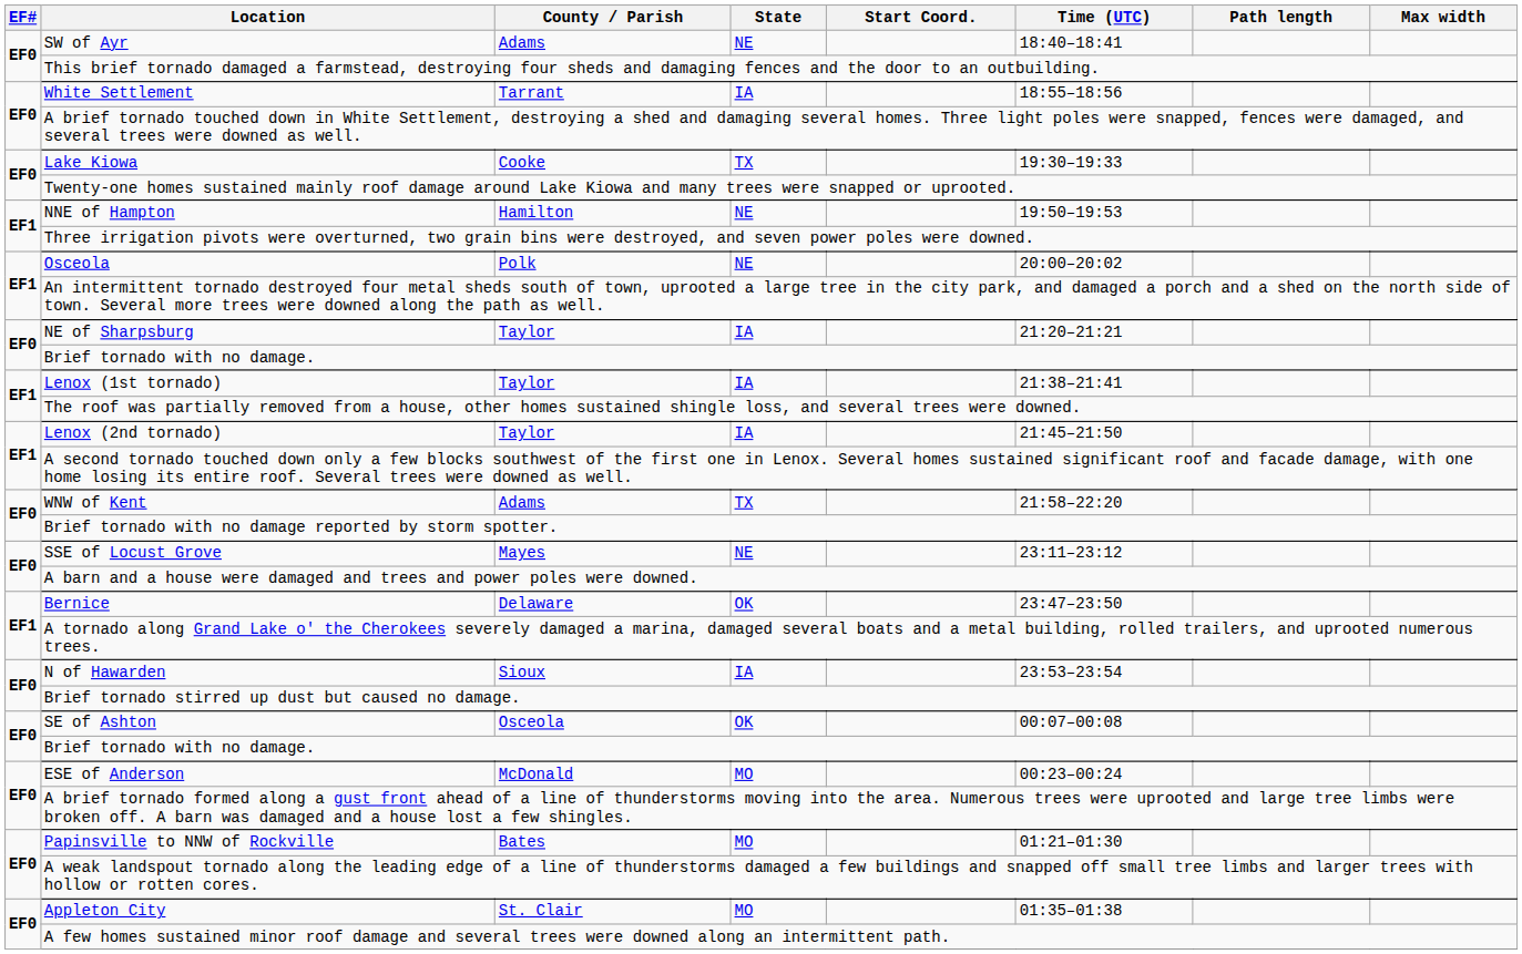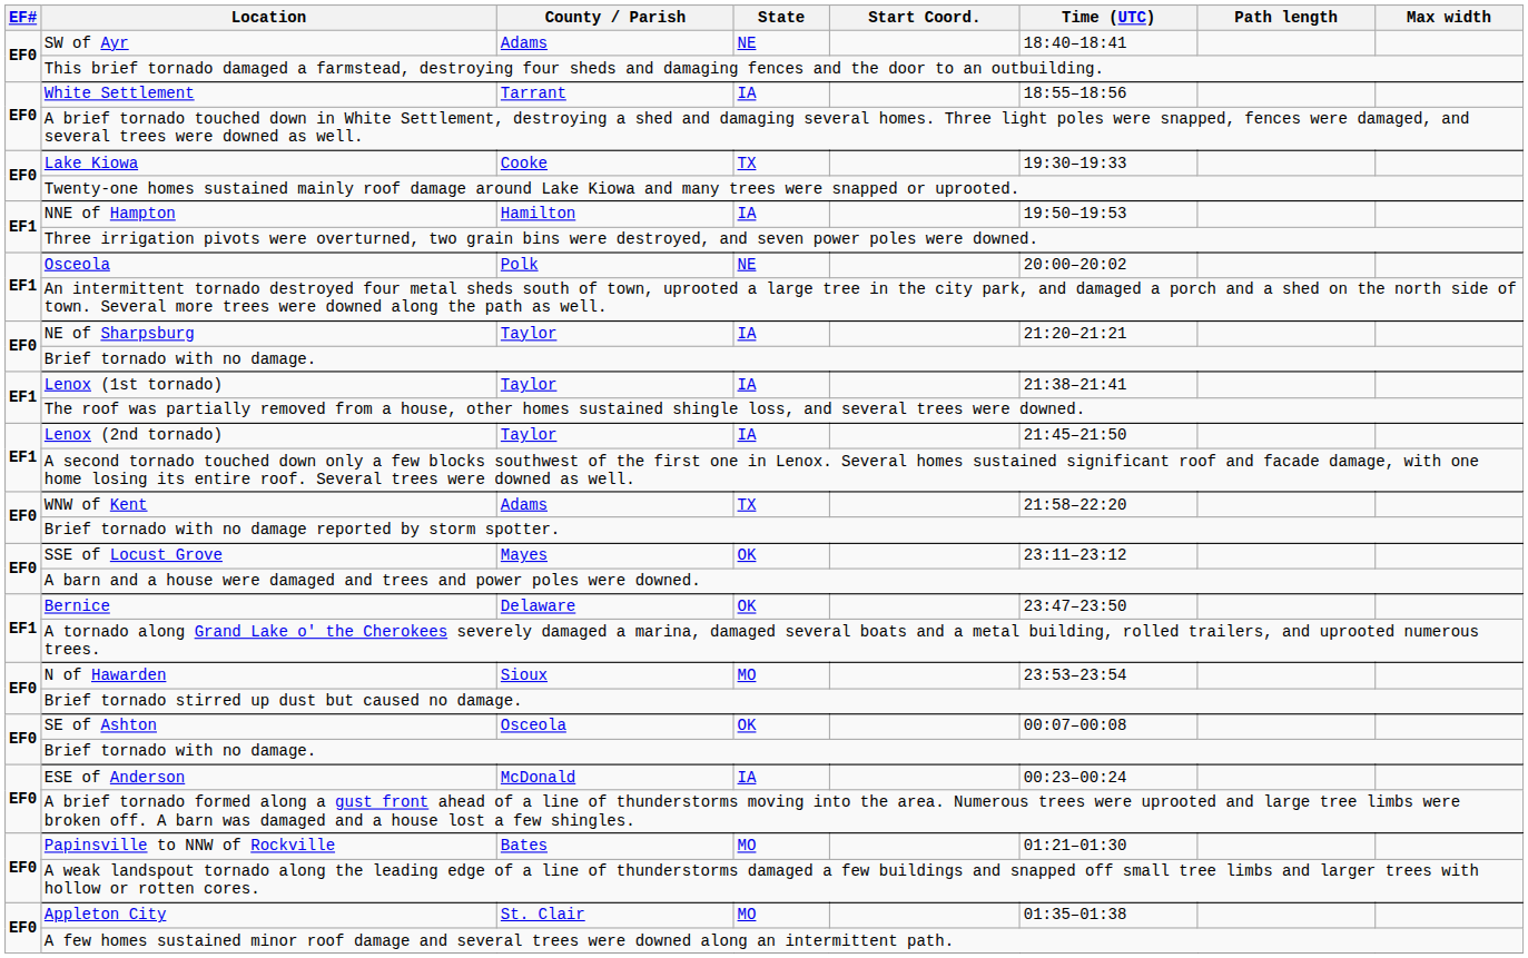 <table class="wikitable sortable" style="width:100%;">
 <tr>
 <th scope="col" width="2%" align="center"><a href='#'>EF#</a></th>
 <th scope="col" align="center" class="unsortable">Location</th>
 <th scope="col" align="center" class="unsortable">County / Parish</th>
 <th scope="col" align="center">State</th>
 <th scope="col" align="center" data-sort-type="number">Start Coord.</th>
 <th scope="col" align="center" data-sort-type="number">Time (<a href='#'>UTC</a>)</th>
 <th scope="col" align="center" data-sort-type="number">Path length</th>
 <th scope="col" align="center" data-sort-type="number">Max width</th>
 </tr>
 <tr>
 <td rowspan="2" align="center"><strong>EF0</strong></td>
 <td>SW of <a href='#'>Ayr</a></td>
 <td><a href='#'>Adams</a></td>
 <td><a href='#'>NE</a></td>
 <td></td>
 <td>18:40–18:41</td>
 <td></td>
 <td></td>
 </tr>
 <tr class="expand-child">
 <td colspan="8" style=" border-bottom: 1px solid black;">This brief tornado damaged a farmstead, destroying four sheds and damaging fences and the door to an outbuilding.</td>
 </tr>
 <tr>
 <td rowspan="2" align="center"><strong>EF0</strong></td>
 <td><a href='#'>White Settlement</a></td>
 <td><a href='#'>Tarrant</a></td>
 <td><a href='#'>IA</a></td>
 <td></td>
 <td>18:55–18:56</td>
 <td></td>
 <td></td>
 </tr>
 <tr class="expand-child">
 <td colspan="8" style=" border-bottom: 1px solid black;">A brief tornado touched down in White Settlement, destroying a shed and damaging several homes. Three light poles were snapped, fences were damaged, and several trees were downed as well.</td>
 </tr>
 <tr>
 <td rowspan="2" align="center"><strong>EF0</strong></td>
 <td><a href='#'>Lake Kiowa</a></td>
 <td><a href='#'>Cooke</a></td>
 <td><a href='#'>TX</a></td>
 <td></td>
 <td>19:30–19:33</td>
 <td></td>
 <td></td>
 </tr>
 <tr class="expand-child">
 <td colspan="8" style=" border-bottom: 1px solid black;">Twenty-one homes sustained mainly roof damage around Lake Kiowa and many trees were snapped or uprooted.</td>
 </tr>
 <tr>
 <td rowspan="2" align="center"><strong>EF1</strong></td>
 <td>NNE of <a href='#'>Hampton</a></td>
 <td><a href='#'>Hamilton</a></td>
-<td><a href='#'>NE</a></td>
+<td><a href='#'>IA</a></td>
 <td></td>
 <td>19:50–19:53</td>
 <td></td>
 <td></td>
 </tr>
 <tr class="expand-child">
 <td colspan="8" style=" border-bottom: 1px solid black;">Three irrigation pivots were overturned, two grain bins were destroyed, and seven power poles were downed.</td>
 </tr>
 <tr>
 <td rowspan="2" align="center"><strong>EF1</strong></td>
 <td><a href='#'>Osceola</a></td>
 <td><a href='#'>Polk</a></td>
 <td><a href='#'>NE</a></td>
 <td></td>
 <td>20:00–20:02</td>
 <td></td>
 <td></td>
 </tr>
 <tr class="expand-child">
 <td colspan="8" style=" border-bottom: 1px solid black;">An intermittent tornado destroyed four metal sheds south of town, uprooted a large tree in the city park, and damaged a porch and a shed on the north side of town. Several more trees were downed along the path as well.</td>
 </tr>
 <tr>
 <td rowspan="2" align="center"><strong>EF0</strong></td>
 <td>NE of <a href='#'>Sharpsburg</a></td>
 <td><a href='#'>Taylor</a></td>
 <td><a href='#'>IA</a></td>
 <td></td>
 <td>21:20–21:21</td>
 <td></td>
 <td></td>
 </tr>
 <tr class="expand-child">
 <td colspan="8" style=" border-bottom: 1px solid black;">Brief tornado with no damage.</td>
 </tr>
 <tr>
 <td rowspan="2" align="center"><strong>EF1</strong></td>
 <td><a href='#'>Lenox</a> (1st tornado)</td>
 <td><a href='#'>Taylor</a></td>
 <td><a href='#'>IA</a></td>
 <td></td>
 <td>21:38–21:41</td>
 <td></td>
 <td></td>
 </tr>
 <tr class="expand-child">
 <td colspan="8" style=" border-bottom: 1px solid black;">The roof was partially removed from a house, other homes sustained shingle loss, and several trees were downed.</td>
 </tr>
 <tr>
 <td rowspan="2" align="center"><strong>EF1</strong></td>
 <td><a href='#'>Lenox</a> (2nd tornado)</td>
 <td><a href='#'>Taylor</a></td>
 <td><a href='#'>IA</a></td>
 <td></td>
 <td>21:45–21:50</td>
 <td></td>
 <td></td>
 </tr>
 <tr class="expand-child">
 <td colspan="8" style=" border-bottom: 1px solid black;">A second tornado touched down only a few blocks southwest of the first one in Lenox. Several homes sustained significant roof and facade damage, with one home losing its entire roof. Several trees were downed as well.</td>
 </tr>
 <tr>
 <td rowspan="2" align="center"><strong>EF0</strong></td>
 <td>WNW of <a href='#'>Kent</a></td>
 <td><a href='#'>Adams</a></td>
 <td><a href='#'>TX</a></td>
 <td></td>
 <td>21:58–22:20</td>
 <td></td>
 <td></td>
 </tr>
 <tr class="expand-child">
 <td colspan="8" style=" border-bottom: 1px solid black;">Brief tornado with no damage reported by storm spotter.</td>
 </tr>
 <tr>
 <td rowspan="2" align="center"><strong>EF0</strong></td>
 <td>SSE of <a href='#'>Locust Grove</a></td>
 <td><a href='#'>Mayes</a></td>
-<td><a href='#'>NE</a></td>
+<td><a href='#'>OK</a></td>
 <td></td>
 <td>23:11–23:12</td>
 <td></td>
 <td></td>
 </tr>
 <tr class="expand-child">
 <td colspan="8" style=" border-bottom: 1px solid black;">A barn and a house were damaged and trees and power poles were downed.</td>
 </tr>
 <tr>
 <td rowspan="2" align="center"><strong>EF1</strong></td>
 <td><a href='#'>Bernice</a></td>
 <td><a href='#'>Delaware</a></td>
 <td><a href='#'>OK</a></td>
 <td></td>
 <td>23:47–23:50</td>
 <td></td>
 <td></td>
 </tr>
 <tr class="expand-child">
 <td colspan="8" style=" border-bottom: 1px solid black;">A tornado along <a href='#'>Grand Lake o' the Cherokees</a> severely damaged a marina, damaged several boats and a metal building, rolled trailers, and uprooted numerous trees.</td>
 </tr>
 <tr>
 <td rowspan="2" align="center"><strong>EF0</strong></td>
 <td>N of <a href='#'>Hawarden</a></td>
 <td><a href='#'>Sioux</a></td>
-<td><a href='#'>IA</a></td>
+<td><a href='#'>MO</a></td>
 <td></td>
 <td>23:53–23:54</td>
 <td></td>
 <td></td>
 </tr>
 <tr class="expand-child">
 <td colspan="8" style=" border-bottom: 1px solid black;">Brief tornado stirred up dust but caused no damage.</td>
 </tr>
 <tr>
 <td rowspan="2" align="center"><strong>EF0</strong></td>
 <td>SE of <a href='#'>Ashton</a></td>
 <td><a href='#'>Osceola</a></td>
 <td><a href='#'>OK</a></td>
 <td></td>
 <td>00:07–00:08</td>
 <td></td>
 <td></td>
 </tr>
 <tr class="expand-child">
 <td colspan="8" style=" border-bottom: 1px solid black;">Brief tornado with no damage.</td>
 </tr>
 <tr>
 <td rowspan="2" align="center"><strong>EF0</strong></td>
 <td>ESE of <a href='#'>Anderson</a></td>
 <td><a href='#'>McDonald</a></td>
-<td><a href='#'>MO</a></td>
+<td><a href='#'>IA</a></td>
 <td></td>
 <td>00:23–00:24</td>
 <td></td>
 <td></td>
 </tr>
 <tr class="expand-child">
 <td colspan="8" style=" border-bottom: 1px solid black;">A brief tornado formed along a <a href='#'>gust front</a> ahead of a line of thunderstorms moving into the area. Numerous trees were uprooted and large tree limbs were broken off. A barn was damaged and a house lost a few shingles.</td>
 </tr>
 <tr>
 <td rowspan="2" align="center"><strong>EF0</strong></td>
 <td><a href='#'>Papinsville</a> to NNW of <a href='#'>Rockville</a></td>
 <td><a href='#'>Bates</a></td>
 <td><a href='#'>MO</a></td>
 <td></td>
 <td>01:21–01:30</td>
 <td></td>
 <td></td>
 </tr>
 <tr class="expand-child">
 <td colspan="8" style=" border-bottom: 1px solid black;">A weak landspout tornado along the leading edge of a line of thunderstorms damaged a few buildings and snapped off small tree limbs and larger trees with hollow or rotten cores.</td>
 </tr>
 <tr>
 <td rowspan="2" align="center"><strong>EF0</strong></td>
 <td><a href='#'>Appleton City</a></td>
 <td><a href='#'>St. Clair</a></td>
 <td><a href='#'>MO</a></td>
 <td></td>
 <td>01:35–01:38</td>
 <td></td>
 <td></td>
 </tr>
 <tr class="expand-child">
 <td colspan="8" style=" border-bottom: 1px solid black;">A few homes sustained minor roof damage and several trees were downed along an intermittent path.</td>
 </tr>
 <tr>
 </tr>
 </table>
